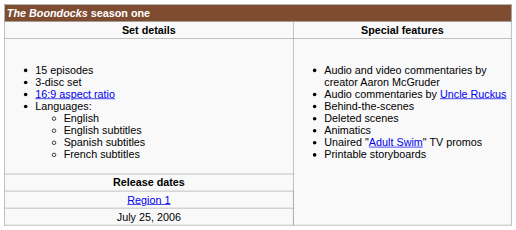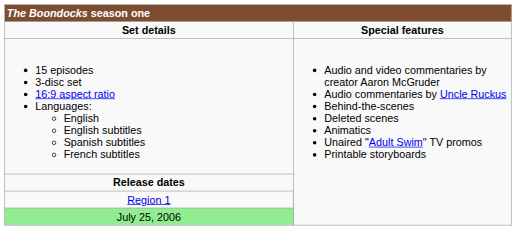 <table class="wikitable" style="font-size:95%;">
 <tr>
 <td colspan="5" style="background:#7E4D31; color: #ffffff;"><strong><em>The Boondocks</em></strong> <strong>season one</strong></td>
 </tr>
 <tr style="vertical-align:top; text-align:center;">
 <td style="width:400px;" colspan="3"><strong>Set details </strong></td>
 <td style="width:300px; "><strong>Special features</strong></td>
 </tr>
 <tr valign="top">
 <td colspan="3"  style="text-align:left; width:400px;"><br><ul><li>15 episodes</li><li>3-disc set</li><li><a href='#'>16:9 aspect ratio</a></li><li>Languages:<ul><li>English</li><li>English subtitles</li><li>Spanish subtitles</li><li>French subtitles</li></ul></li></ul></td>
 <td rowspan="4"  style="text-align:left; width:300px;"><br><ul><li>Audio and video commentaries by creator Aaron McGruder</li><li>Audio commentaries by <a href='#'>Uncle Ruckus</a></li><li>Behind-the-scenes</li><li>Deleted scenes</li><li>Animatics</li><li>Unaired "<a href='#'>Adult Swim</a>" TV promos</li><li>Printable storyboards</li></ul></td>
 </tr>
 <tr>
 <td colspan="3" style="text-align:center;"><strong>Release dates</strong></td>
 </tr>
 <tr>
 <td style="text-align:center;"><a href='#'>Region 1</a></td>
 </tr>
 <tr>
-<td style="text-align:center;">July 25, 2006</td>
+<td style="background: lightgreen; text-align:center;">July 25, 2006</td>
 </tr>
 </table>
